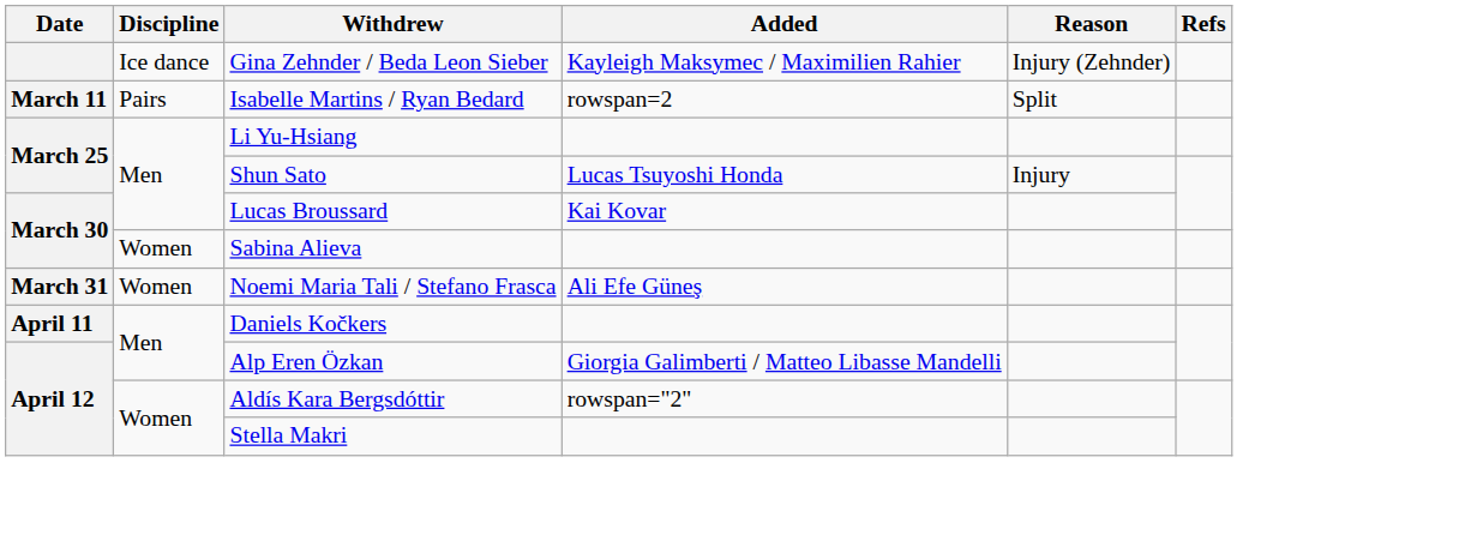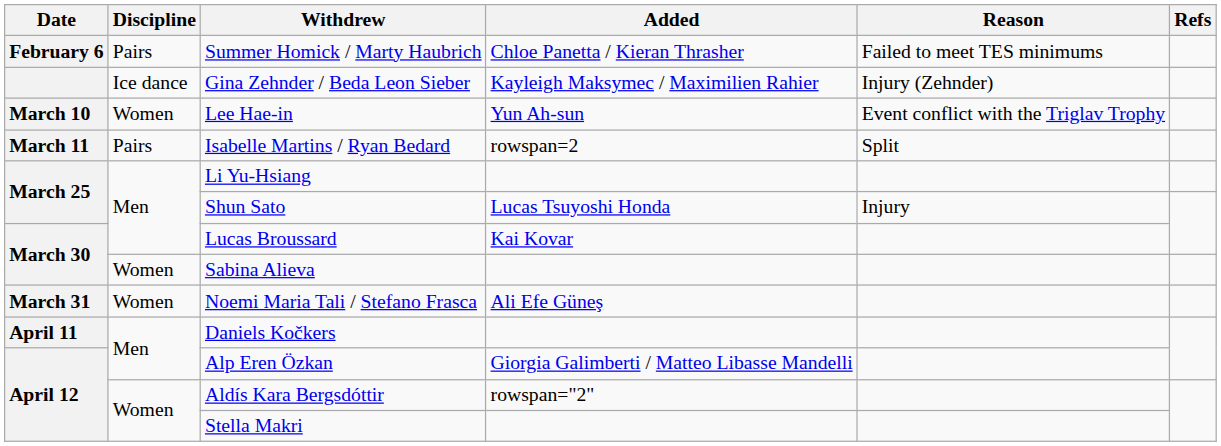 <table class="wikitable unsortable" style="text-align:left;">
 <tr>
 <th scope="col">Date</th>
 <th scope="col">Discipline</th>
 <th scope="col">Withdrew</th>
 <th scope="col">Added</th>
 <th scope="col">Reason</th>
 <th scope="col">Refs</th>
 </tr>
 <tr>
+<th scope="row" style="text-align:left">February 6</th>
+<td>Pairs</td>
+<td> <a href='#'>Summer Homick</a> / <a href='#'>Marty Haubrich</a></td>
+<td> <a href='#'>Chloe Panetta</a> / <a href='#'>Kieran Thrasher</a></td>
+<td>Failed to meet TES minimums</td>
+<td></td>
+</tr>
+<tr>
 <th scope="row" style="text-align:left"></th>
 <td>Ice dance</td>
 <td> <a href='#'>Gina Zehnder</a> / <a href='#'>Beda Leon Sieber</a></td>
 <td> <a href='#'>Kayleigh Maksymec</a> / <a href='#'>Maximilien Rahier</a></td>
 <td>Injury (Zehnder)</td>
+<td></td>
+</tr>
+<tr>
+<th scope="row" style="text-align:left">March 10</th>
+<td>Women</td>
+<td> <a href='#'>Lee Hae-in</a></td>
+<td> <a href='#'>Yun Ah-sun</a></td>
+<td>Event conflict with the <a href='#'>Triglav Trophy</a></td>
 <td></td>
 </tr>
 <tr>
 <th scope="row" style="text-align:left">March 11</th>
 <td>Pairs</td>
 <td> <a href='#'>Isabelle Martins</a> / <a href='#'>Ryan Bedard</a></td>
 <td>rowspan=2 </td>
 <td>Split</td>
 <td></td>
 </tr>
 <tr>
 <th scope="row" style="text-align:left" rowspan=2>March 25</th>
 <td rowspan=3>Men</td>
 <td> <a href='#'>Li Yu-Hsiang</a></td>
 <td></td>
 <td></td>
 </tr>
 <tr>
 <td> <a href='#'>Shun Sato</a></td>
 <td> <a href='#'>Lucas Tsuyoshi Honda</a></td>
 <td>Injury</td>
 <td rowspan=2></td>
 </tr>
 <tr>
 <th scope="row" style="text-align:left" rowspan=2>March 30</th>
 <td> <a href='#'>Lucas Broussard</a></td>
 <td> <a href='#'>Kai Kovar</a></td>
 <td></td>
 </tr>
 <tr>
 <td>Women</td>
 <td> <a href='#'>Sabina Alieva</a></td>
 <td></td>
 <td></td>
 <td></td>
 </tr>
 <tr>
 <th scope="row" style="text-align:left">March 31</th>
 <td>Women</td>
 <td> <a href='#'>Noemi Maria Tali</a> / <a href='#'>Stefano Frasca</a></td>
 <td> <a href='#'>Ali Efe Güneş</a></td>
 <td></td>
 <td></td>
 </tr>
 <tr>
 <th scope="row" style="text-align:left">April 11</th>
 <td rowspan="2">Men</td>
 <td> <a href='#'>Daniels Kočkers</a></td>
 <td></td>
 <td></td>
 <td rowspan="2"></td>
 </tr>
 <tr>
 <th scope="row" style="text-align:left" rowspan="3">April 12</th>
 <td> <a href='#'>Alp Eren Özkan</a></td>
 <td> <a href='#'>Giorgia Galimberti</a> / <a href='#'>Matteo Libasse Mandelli</a></td>
 <td></td>
 </tr>
 <tr>
 <td rowspan="2">Women</td>
 <td> <a href='#'>Aldís Kara Bergsdóttir</a></td>
 <td>rowspan="2" </td>
 <td></td>
 <td rowspan="2"></td>
 </tr>
 <tr>
 <td> <a href='#'>Stella Makri</a></td>
 <td></td>
 </tr>
 </table>
